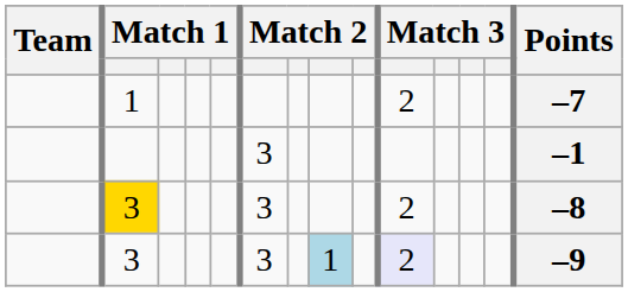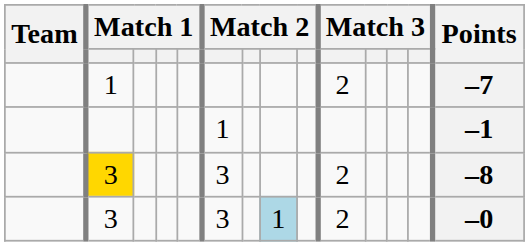 <table class="wikitable sortable" style="text-align:center;">
 <tr>
 <th rowspan=2>Team</th>
 <th colspan=4 style="border-left:3px solid gray">Match 1</th>
 <th colspan=4 style="border-left:3px solid gray">Match 2</th>
 <th colspan=4 style="border-left:3px solid gray">Match 3</th>
 <th rowspan=2 style="border-left:3px solid gray">Points</th>
 </tr>
 <tr>
 <th style="border-left:3px solid gray"></th>
 <th></th>
 <th></th>
 <th></th>
 <th style="border-left:3px solid gray"></th>
 <th></th>
 <th></th>
 <th></th>
 <th style="border-left:3px solid gray"></th>
 <th></th>
 <th></th>
 <th></th>
 </tr>
 <tr>
 <td align=left></td>
 <td style="border-left:3px solid gray">1</td>
 <td></td>
 <td></td>
 <td></td>
 <td style="border-left:3px solid gray"></td>
 <td></td>
 <td></td>
 <td></td>
 <td style="border-left:3px solid gray">2</td>
 <td></td>
 <td></td>
 <td></td>
 <th style="border-left:3px solid gray">–7</th>
 </tr>
 <tr>
 <td align=left></td>
 <td style="border-left:3px solid gray"></td>
 <td></td>
 <td></td>
 <td></td>
-<td style="border-left:3px solid gray">3</td>
+<td style="border-left:3px solid gray">1</td>
 <td></td>
 <td></td>
 <td></td>
 <td style="border-left:3px solid gray"></td>
 <td></td>
 <td></td>
 <td></td>
 <th style="border-left:3px solid gray">–1</th>
 </tr>
 <tr>
 <td align=left></td>
 <td style="background: gold; border-left:3px solid gray">3</td>
 <td></td>
 <td></td>
 <td></td>
 <td style="border-left:3px solid gray">3</td>
 <td></td>
 <td></td>
 <td></td>
 <td style="border-left:3px solid gray">2</td>
 <td></td>
 <td></td>
 <td></td>
 <th style="border-left:3px solid gray">–8</th>
 </tr>
 <tr>
 <td align=left></td>
 <td style="border-left:3px solid gray">3</td>
 <td></td>
 <td></td>
 <td></td>
 <td style="border-left:3px solid gray">3</td>
 <td></td>
 <td style="background: lightblue;">1</td>
 <td></td>
-<td style="background: lavender; border-left:3px solid gray">2</td>
+<td style="border-left:3px solid gray">2</td>
 <td></td>
 <td></td>
 <td></td>
-<th style="border-left:3px solid gray">–9</th>
+<th style="border-left:3px solid gray">–0</th>
 </tr>
 </table>
